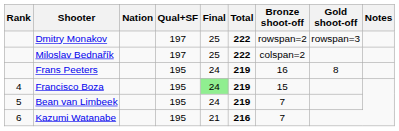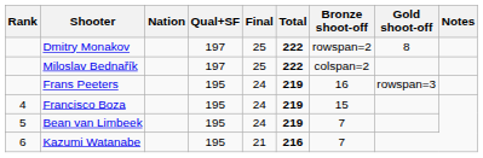 <table class="wikitable sortable" style="text-align: center">
 <tr>
 <th>Rank</th>
 <th>Shooter</th>
 <th>Nation</th>
 <th>Qual+SF</th>
 <th>Final</th>
 <th>Total</th>
 <th>Bronze<br>shoot-off</th>
 <th>Gold<br>shoot-off</th>
 <th>Notes</th>
 </tr>
 <tr>
 <td></td>
 <td align=left><a href='#'>Dmitry Monakov</a></td>
 <td align=left></td>
 <td>197</td>
 <td>25</td>
 <td><strong>222</strong></td>
 <td>rowspan=2 </td>
-<td>rowspan=3 </td>
+<td>8</td>
 <td></td>
 </tr>
 <tr>
 <td></td>
 <td align=left><a href='#'>Miloslav Bednařík</a></td>
 <td align=left></td>
 <td>197</td>
 <td>25</td>
 <td><strong>222</strong></td>
 <td>colspan=2 </td>
 <td></td>
 </tr>
 <tr>
 <td></td>
 <td align=left><a href='#'>Frans Peeters</a></td>
 <td align=left></td>
 <td>195</td>
 <td>24</td>
 <td><strong>219</strong></td>
 <td>16</td>
-<td>8</td>
+<td>rowspan=3 </td>
 <td></td>
 </tr>
 <tr>
 <td>4</td>
 <td align=left><a href='#'>Francisco Boza</a></td>
 <td align=left></td>
 <td>195</td>
-<td style="background: lightgreen;">24</td>
+<td>24</td>
 <td><strong>219</strong></td>
 <td>15</td>
 <td></td>
 </tr>
 <tr>
 <td>5</td>
 <td align=left><a href='#'>Bean van Limbeek</a></td>
 <td align=left></td>
 <td>195</td>
 <td>24</td>
 <td><strong>219</strong></td>
 <td>7</td>
 <td></td>
 </tr>
 <tr>
 <td>6</td>
 <td align=left><a href='#'>Kazumi Watanabe</a></td>
 <td align=left></td>
 <td>195</td>
 <td>21</td>
 <td><strong>216</strong></td>
 <td>7</td>
 </tr>
 </table>
